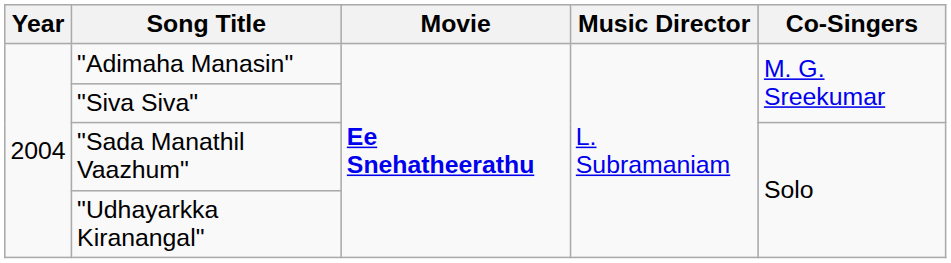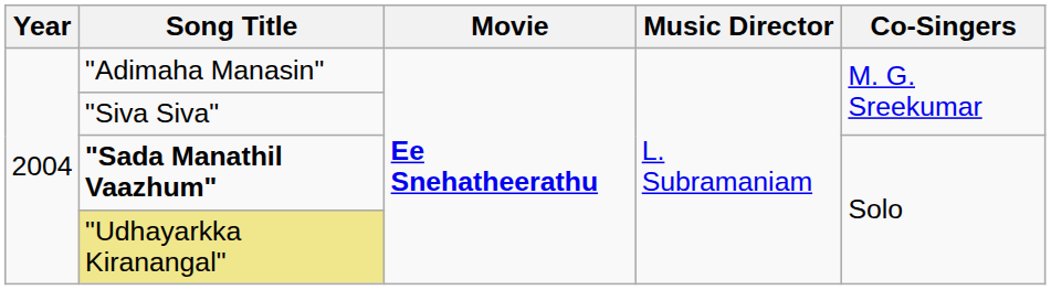 <table class="wikitable">
 <tr>
 <th>Year</th>
 <th>Song Title</th>
 <th>Movie</th>
 <th>Music Director</th>
 <th>Co-Singers</th>
 </tr>
 <tr>
 <td rowspan="5">2004</td>
 <td>"Adimaha Manasin"</td>
 <td rowspan="5"><strong><a href='#'>Ee Snehatheerathu</a></strong></td>
 <td rowspan="5"><a href='#'>L. Subramaniam</a></td>
 <td rowspan="2"><a href='#'>M. G. Sreekumar</a></td>
 </tr>
 <tr '>
 <td>"Siva Siva"</td>
 </tr>
 <tr>
-<td>"Sada Manathil Vaazhum"</td>
+<td><strong>"Sada Manathil Vaazhum"</strong></td>
 <td rowspan="2">Solo</td>
 </tr>
 <tr>
-<td>"Udhayarkka Kiranangal"</td>
+<td style="background: khaki;">"Udhayarkka Kiranangal"</td>
 </tr>
 </table>
